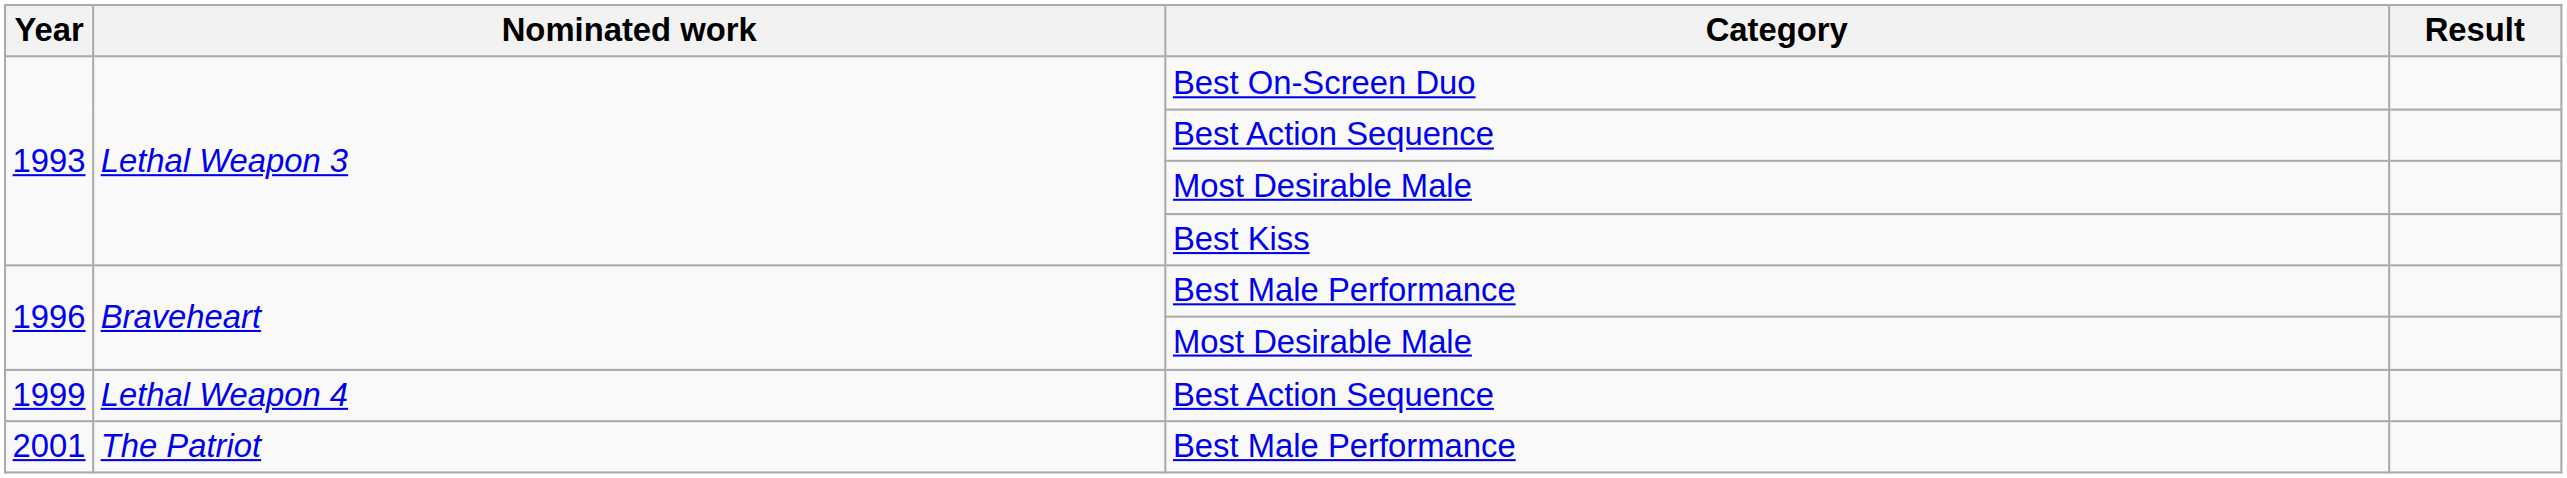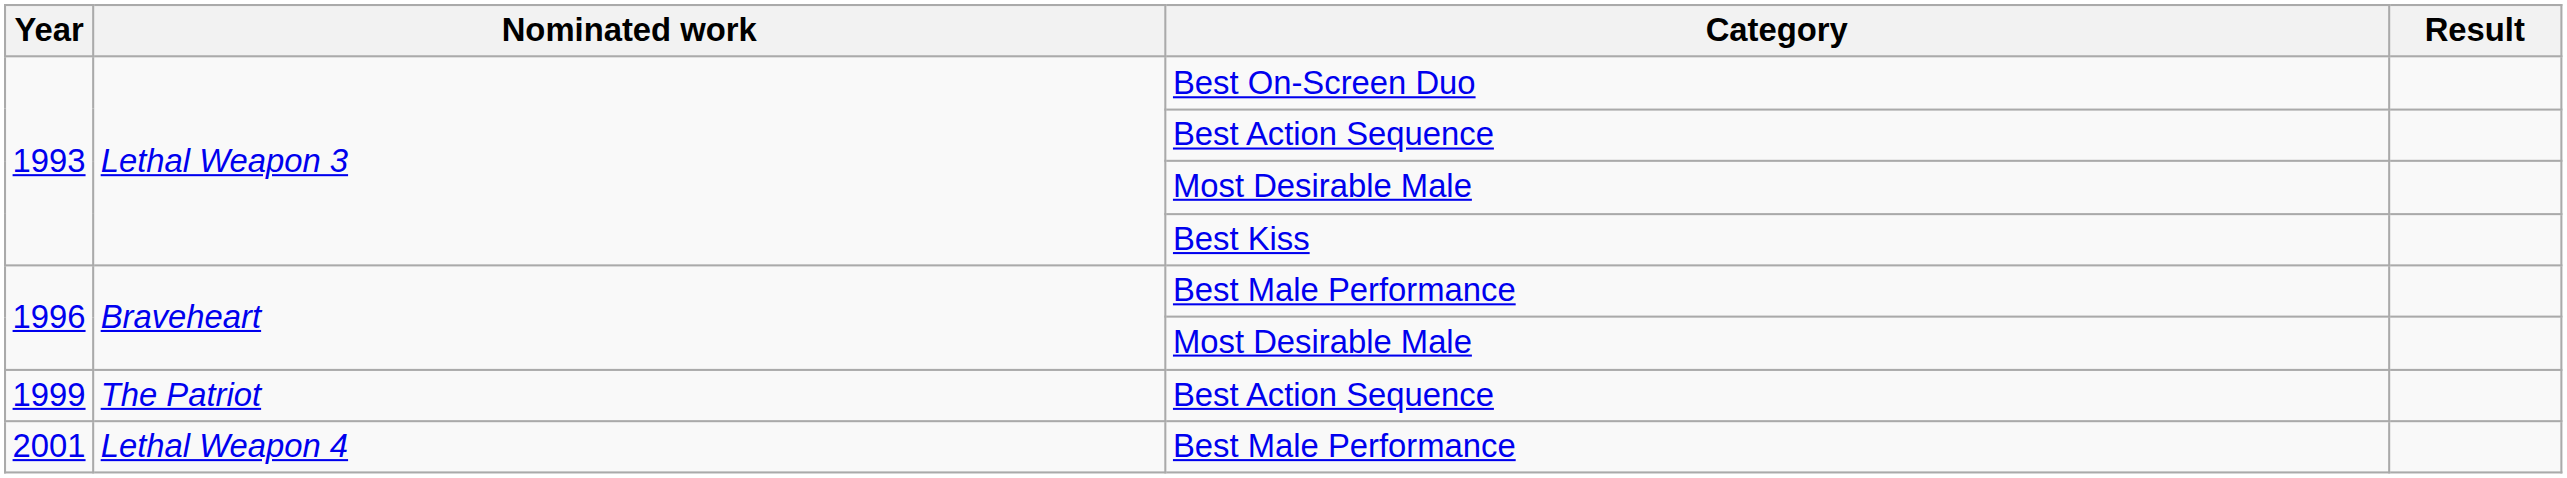 <table class="wikitable">
 <tr>
 <th scope="col" style="width:1em;">Year</th>
 <th scope="col" style="width:35em;">Nominated work</th>
 <th scope="col" style="width:40em;">Category</th>
 <th scope="col" style="width:5em;">Result</th>
 </tr>
 <tr>
 <td rowspan="4"><a href='#'>1993</a></td>
 <td rowspan="4"><em><a href='#'>Lethal Weapon 3</a></em></td>
 <td><a href='#'>Best On-Screen Duo</a></td>
 <td></td>
 </tr>
 <tr>
 <td><a href='#'>Best Action Sequence</a></td>
 <td></td>
 </tr>
 <tr>
 <td><a href='#'>Most Desirable Male</a></td>
 <td></td>
 </tr>
 <tr>
 <td><a href='#'>Best Kiss</a></td>
 <td></td>
 </tr>
 <tr>
 <td rowspan="2"><a href='#'>1996</a></td>
 <td rowspan="2"><em><a href='#'>Braveheart</a></em></td>
 <td><a href='#'>Best Male Performance</a></td>
 <td></td>
 </tr>
 <tr>
 <td><a href='#'>Most Desirable Male</a></td>
 <td></td>
 </tr>
 <tr>
 <td><a href='#'>1999</a></td>
-<td><em><a href='#'>Lethal Weapon 4</a></em></td>
+<td><em><a href='#'>The Patriot</a></em></td>
 <td><a href='#'>Best Action Sequence</a></td>
 <td></td>
 </tr>
 <tr>
 <td><a href='#'>2001</a></td>
-<td><em><a href='#'>The Patriot</a></em></td>
+<td><em><a href='#'>Lethal Weapon 4</a></em></td>
 <td><a href='#'>Best Male Performance</a></td>
 <td></td>
 </tr>
 </table>
